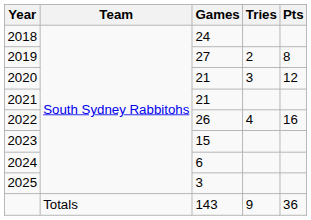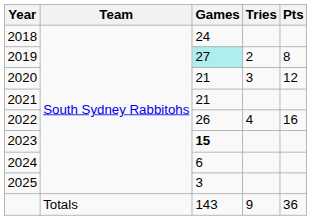 <table class="wikitable">
 <tr>
 <th>Year</th>
 <th>Team</th>
 <th>Games</th>
 <th>Tries</th>
 <th>Pts</th>
 </tr>
 <tr>
 <td>2018</td>
 <td rowspan="8">  <a href='#'>South Sydney Rabbitohs</a></td>
 <td>24</td>
 <td></td>
 <td></td>
 </tr>
 <tr>
 <td>2019</td>
-<td>27</td>
+<td style="background: paleturquoise;">27</td>
 <td>2</td>
 <td>8</td>
 </tr>
 <tr>
 <td>2020</td>
 <td>21</td>
 <td>3</td>
 <td>12</td>
 </tr>
 <tr>
 <td>2021</td>
 <td>21</td>
 <td></td>
 <td></td>
 </tr>
 <tr>
 <td>2022</td>
 <td>26</td>
 <td>4</td>
 <td>16</td>
 </tr>
 <tr>
 <td>2023</td>
-<td>15</td>
+<td><strong>15</strong></td>
 <td></td>
 <td></td>
 </tr>
 <tr>
 <td>2024</td>
 <td>6</td>
 <td></td>
 <td></td>
 </tr>
 <tr>
 <td>2025</td>
 <td>3</td>
 <td></td>
 <td></td>
 </tr>
 <tr>
 <td></td>
 <td>Totals</td>
 <td>143</td>
 <td>9</td>
 <td>36</td>
 </tr>
 </table>
